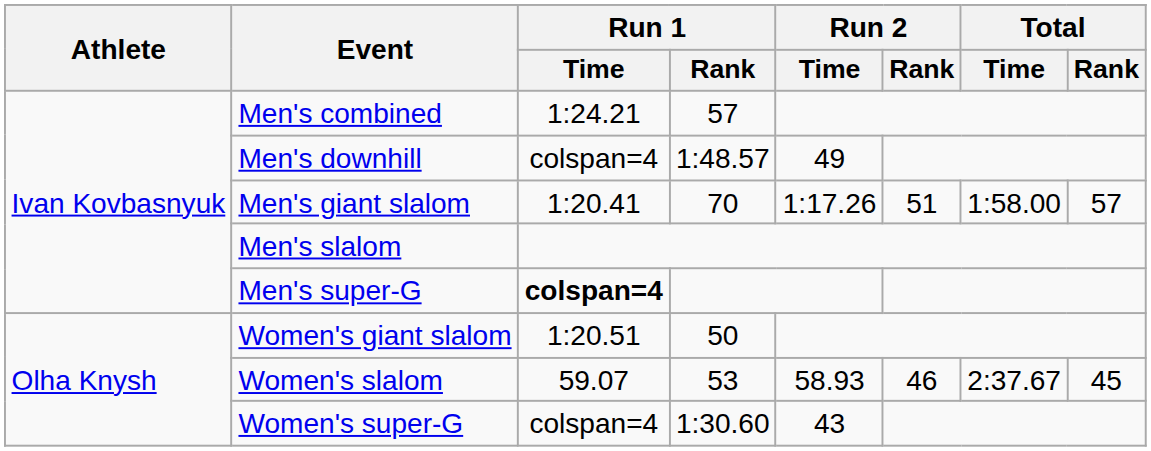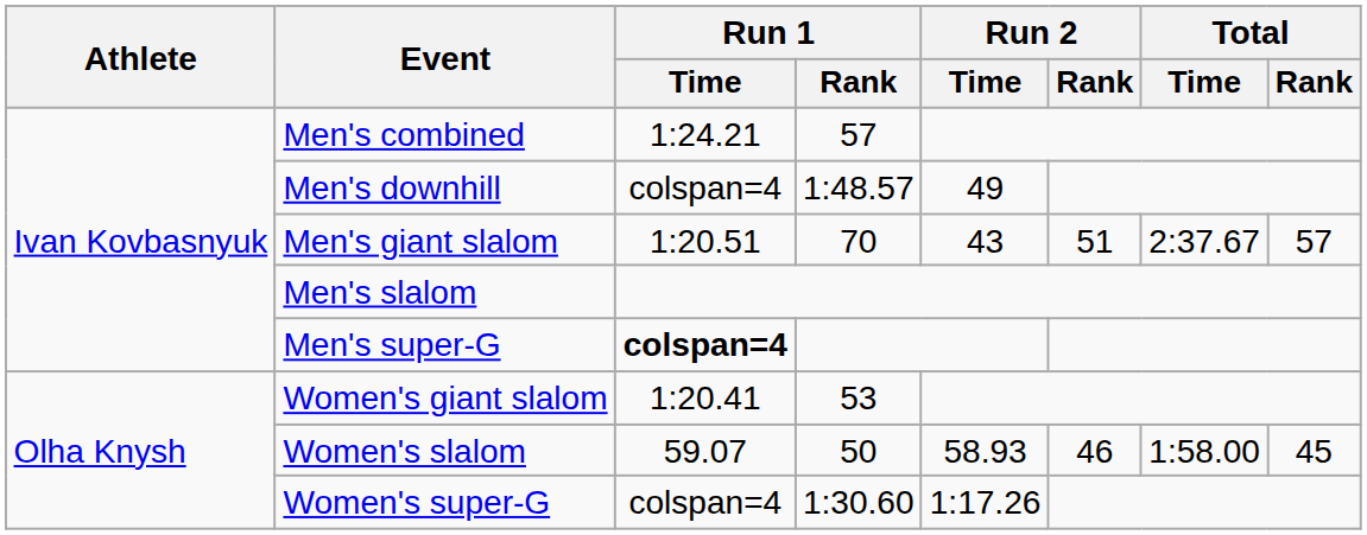 <table class="wikitable" style="font-size:90%">
 <tr>
 <th rowspan=2>Athlete</th>
 <th rowspan=2>Event</th>
 <th colspan=2>Run 1</th>
 <th colspan=2>Run 2</th>
 <th colspan=2>Total</th>
 </tr>
 <tr style="font-size:95%">
 <th>Time</th>
 <th>Rank</th>
 <th>Time</th>
 <th>Rank</th>
 <th>Time</th>
 <th>Rank</th>
 </tr>
 <tr align=center>
 <td align=left rowspan=5><a href='#'>Ivan Kovbasnyuk</a></td>
 <td align=left><a href='#'>Men's combined</a></td>
 <td>1:24.21</td>
 <td>57</td>
 <td colspan=4></td>
 </tr>
 <tr align=center>
 <td align=left><a href='#'>Men's downhill</a></td>
 <td>colspan=4 </td>
 <td>1:48.57</td>
 <td>49</td>
 </tr>
 <tr align=center>
 <td align=left><a href='#'>Men's giant slalom</a></td>
-<td>1:20.41</td>
+<td>1:20.51</td>
 <td>70</td>
-<td>1:17.26</td>
+<td>43</td>
 <td>51</td>
-<td>1:58.00</td>
+<td>2:37.67</td>
 <td>57</td>
 </tr>
 <tr align=center>
 <td align=left><a href='#'>Men's slalom</a></td>
 <td colspan=6></td>
 </tr>
 <tr align=center>
 <td align=left><a href='#'>Men's super-G</a></td>
 <td><strong>colspan=4 </strong></td>
 <td colspan=2></td>
 </tr>
 <tr align=center>
 <td align=left rowspan=3><a href='#'>Olha Knysh</a></td>
 <td align=left><a href='#'>Women's giant slalom</a></td>
-<td>1:20.51</td>
-<td>50</td>
+<td>1:20.41</td>
+<td>53</td>
 <td colspan=4></td>
 </tr>
 <tr align=center>
 <td align=left><a href='#'>Women's slalom</a></td>
 <td>59.07</td>
-<td>53</td>
+<td>50</td>
 <td>58.93</td>
 <td>46</td>
-<td>2:37.67</td>
+<td>1:58.00</td>
 <td>45</td>
 </tr>
 <tr align=center>
 <td align=left><a href='#'>Women's super-G</a></td>
 <td>colspan=4 </td>
 <td>1:30.60</td>
-<td>43</td>
+<td>1:17.26</td>
 </tr>
 </table>
